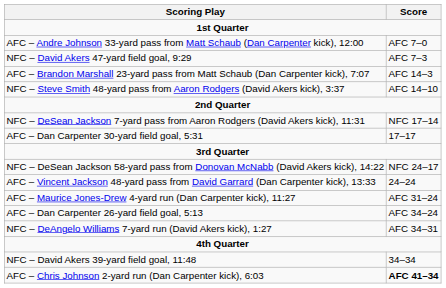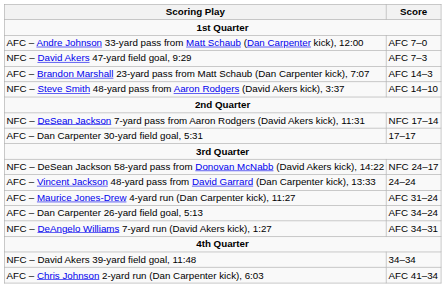 <table class="wikitable">
 <tr>
 <th>Scoring Play</th>
 <th>Score</th>
 </tr>
 <tr>
 <td colspan="4" align="center"><strong>1st Quarter</strong></td>
 </tr>
 <tr>
 <td>AFC – <a href='#'>Andre Johnson</a> 33-yard pass from <a href='#'>Matt Schaub</a> (<a href='#'>Dan Carpenter</a> kick), 12:00</td>
 <td>AFC 7–0</td>
 </tr>
 <tr>
 <td>NFC – <a href='#'>David Akers</a> 47-yard field goal, 9:29</td>
 <td>AFC 7–3</td>
 </tr>
 <tr>
 <td>AFC – <a href='#'>Brandon Marshall</a> 23-yard pass from Matt Schaub (Dan Carpenter kick), 7:07</td>
 <td>AFC 14–3</td>
 </tr>
 <tr>
 <td>NFC – <a href='#'>Steve Smith</a> 48-yard pass from <a href='#'>Aaron Rodgers</a> (David Akers kick), 3:37</td>
 <td>AFC 14–10</td>
 </tr>
 <tr>
 <td colspan="4" align="center"><strong>2nd Quarter</strong></td>
 </tr>
 <tr>
 <td>NFC – <a href='#'>DeSean Jackson</a> 7-yard pass from Aaron Rodgers (David Akers kick), 11:31</td>
 <td>NFC 17–14</td>
 </tr>
 <tr>
 <td>AFC – Dan Carpenter 30-yard field goal, 5:31</td>
 <td>17–17</td>
 </tr>
 <tr>
 <td colspan="4" align="center"><strong>3rd Quarter</strong></td>
 </tr>
 <tr>
 <td>NFC – DeSean Jackson 58-yard pass from <a href='#'>Donovan McNabb</a> (David Akers kick), 14:22</td>
 <td>NFC 24–17</td>
 </tr>
 <tr>
 <td>AFC – <a href='#'>Vincent Jackson</a> 48-yard pass from <a href='#'>David Garrard</a> (Dan Carpenter kick), 13:33</td>
 <td>24–24</td>
 </tr>
 <tr>
 <td>AFC – <a href='#'>Maurice Jones-Drew</a> 4-yard run (Dan Carpenter kick), 11:27</td>
 <td>AFC 31–24</td>
 </tr>
 <tr>
 <td>AFC – Dan Carpenter 26-yard field goal, 5:13</td>
 <td>AFC 34–24</td>
 </tr>
 <tr>
 <td>NFC – <a href='#'>DeAngelo Williams</a> 7-yard run (David Akers kick), 1:27</td>
 <td>AFC 34–31</td>
 </tr>
 <tr>
 <td colspan="4" align="center"><strong>4th Quarter</strong></td>
 </tr>
 <tr>
 <td>NFC – David Akers 39-yard field goal, 11:48</td>
 <td>34–34</td>
 </tr>
 <tr>
 <td>AFC – <a href='#'>Chris Johnson</a> 2-yard run (Dan Carpenter kick), 6:03</td>
-<td><strong>AFC 41–34</strong></td>
+<td>AFC 41–34</td>
 </tr>
 </table>
